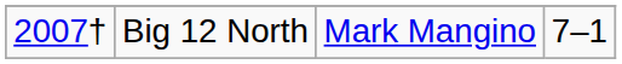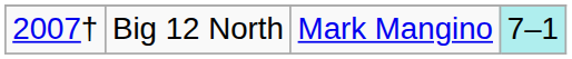 <table class="wikitable" style="text-align:center">
 <tr>
 </tr>
 <tr>
 <td><a href='#'>2007</a>†</td>
 <td>Big 12 North</td>
 <td><a href='#'>Mark Mangino</a></td>
-<td>7–1</td>
+<td style="background: paleturquoise;">7–1</td>
 </tr>
 </table>
